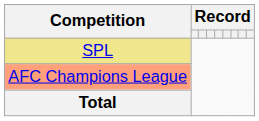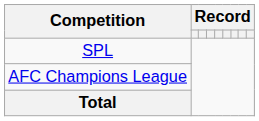 <table class="wikitable" style="text-align: center">
 <tr>
 <th rowspan=2>Competition</th>
 <th colspan=8>Record</th>
 </tr>
 <tr>
 <th></th>
 <th></th>
 <th></th>
 <th></th>
 <th></th>
 <th></th>
 <th></th>
 <th></th>
 </tr>
 <tr>
-<td style="background: khaki;"><a href='#'>SPL</a><br></td>
+<td><a href='#'>SPL</a><br></td>
 </tr>
 <tr>
-<td style="background: lightsalmon;"><a href='#'>AFC Champions League</a><br></td>
+<td><a href='#'>AFC Champions League</a><br></td>
 </tr>
 <tr>
 <th>Total<br></th>
 </tr>
 </table>
